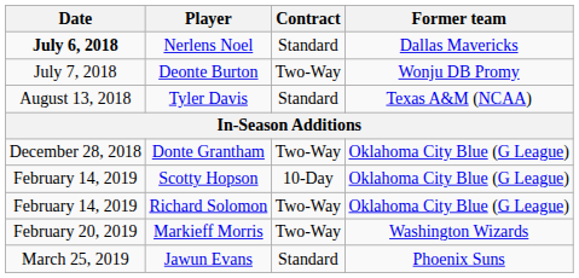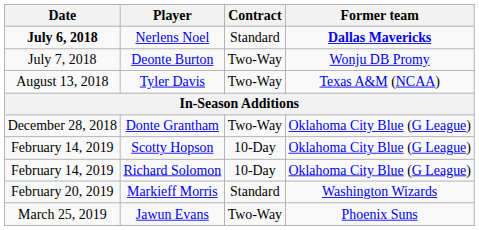 <table class="wikitable" style="text-align: center">
 <tr>
 <th>Date</th>
 <th>Player</th>
 <th>Contract</th>
 <th>Former team</th>
 </tr>
 <tr style="text-align: center">
 <td><strong>July 6, 2018</strong></td>
 <td><a href='#'>Nerlens Noel</a></td>
 <td>Standard</td>
-<td><a href='#'>Dallas Mavericks</a></td>
+<td><strong><a href='#'>Dallas Mavericks</a></strong></td>
 </tr>
 <tr style="text-align: center">
 <td>July 7, 2018</td>
 <td><a href='#'>Deonte Burton</a></td>
 <td>Two-Way</td>
 <td> <a href='#'>Wonju DB Promy</a></td>
 </tr>
 <tr style="text-align: center">
 <td>August 13, 2018</td>
 <td><a href='#'>Tyler Davis</a></td>
-<td>Standard</td>
+<td>Two-Way</td>
 <td> <a href='#'>Texas A&M</a> (<a href='#'>NCAA</a>)</td>
 </tr>
 <tr>
 <th scope="row" colspan="6" style="text-align:center;”">In-Season Additions</th>
 </tr>
 <tr style="text-align: center">
 <td>December 28, 2018</td>
 <td><a href='#'>Donte Grantham</a></td>
 <td>Two-Way</td>
 <td><a href='#'>Oklahoma City Blue</a> (<a href='#'>G League</a>)</td>
 </tr>
 <tr style="text-align: center">
 <td>February 14, 2019</td>
 <td><a href='#'>Scotty Hopson</a></td>
 <td>10-Day</td>
 <td><a href='#'>Oklahoma City Blue</a> (<a href='#'>G League</a>)</td>
 </tr>
 <tr style="text-align: center">
 <td>February 14, 2019</td>
 <td><a href='#'>Richard Solomon</a></td>
-<td>Two-Way</td>
+<td>10-Day</td>
 <td><a href='#'>Oklahoma City Blue</a> (<a href='#'>G League</a>)</td>
 </tr>
 <tr style="text-align: center">
 <td>February 20, 2019</td>
 <td><a href='#'>Markieff Morris</a></td>
-<td>Two-Way</td>
+<td>Standard</td>
 <td><a href='#'>Washington Wizards</a></td>
 </tr>
 <tr style="text-align: center">
 <td>March 25, 2019</td>
 <td><a href='#'>Jawun Evans</a></td>
-<td>Standard</td>
+<td>Two-Way</td>
 <td><a href='#'>Phoenix Suns</a></td>
 </tr>
 </table>
